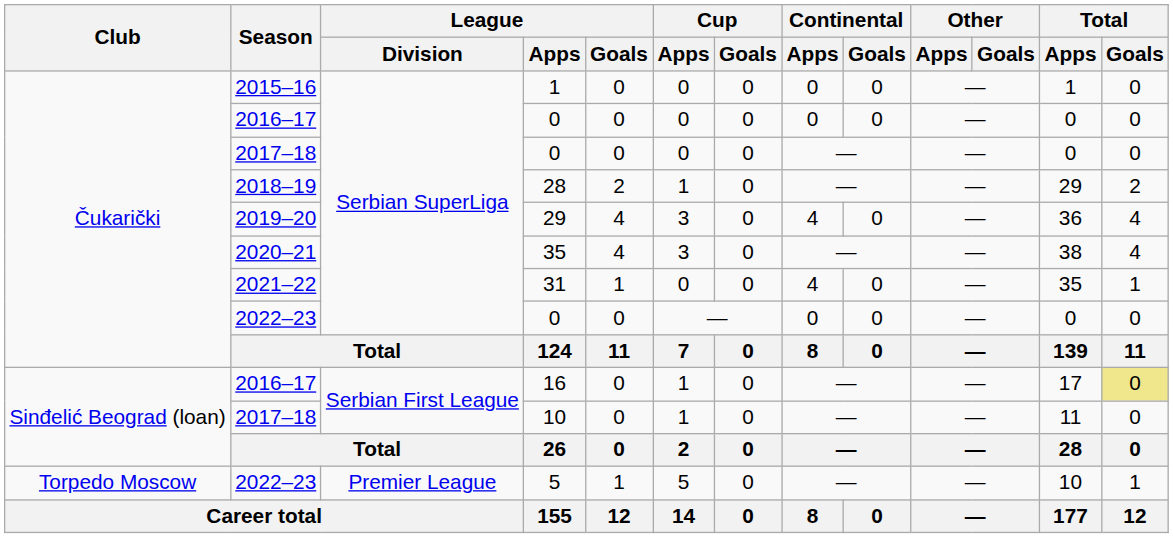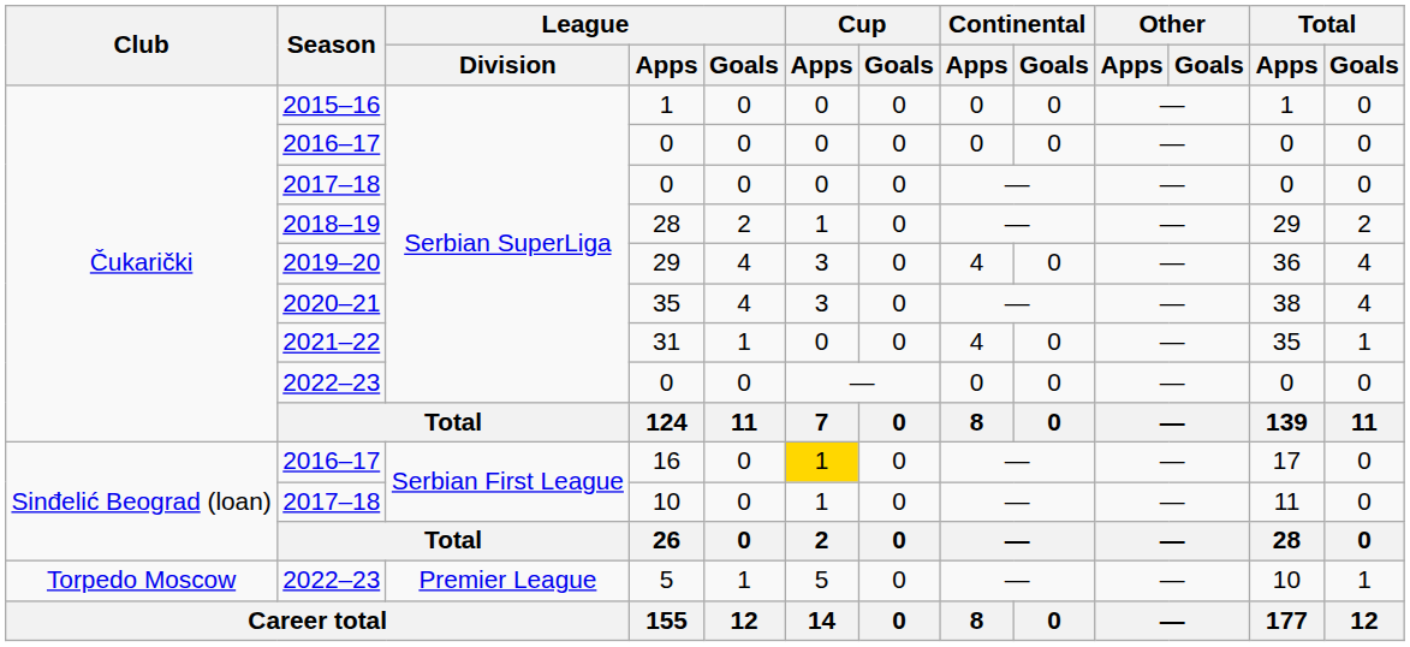 <table class="wikitable" style="text-align:center">
 <tr>
 <th rowspan="2">Club</th>
 <th rowspan="2">Season</th>
 <th colspan="3">League</th>
 <th colspan="2">Cup</th>
 <th colspan="2">Continental</th>
 <th colspan="2">Other</th>
 <th colspan="2">Total</th>
 </tr>
 <tr>
 <th>Division</th>
 <th>Apps</th>
 <th>Goals</th>
 <th>Apps</th>
 <th>Goals</th>
 <th>Apps</th>
 <th>Goals</th>
 <th>Apps</th>
 <th>Goals</th>
 <th>Apps</th>
 <th>Goals</th>
 </tr>
 <tr>
 <td rowspan="9"><a href='#'>Čukarički</a></td>
 <td><a href='#'>2015–16</a></td>
 <td rowspan=8><a href='#'>Serbian SuperLiga</a></td>
 <td>1</td>
 <td>0</td>
 <td>0</td>
 <td>0</td>
 <td>0</td>
 <td>0</td>
 <td colspan="2">—</td>
 <td>1</td>
 <td>0</td>
 </tr>
 <tr>
 <td><a href='#'>2016–17</a></td>
 <td>0</td>
 <td>0</td>
 <td>0</td>
 <td>0</td>
 <td>0</td>
 <td>0</td>
 <td colspan="2">—</td>
 <td>0</td>
 <td>0</td>
 </tr>
 <tr>
 <td><a href='#'>2017–18</a></td>
 <td>0</td>
 <td>0</td>
 <td>0</td>
 <td>0</td>
 <td colspan="2">—</td>
 <td colspan="2">—</td>
 <td>0</td>
 <td>0</td>
 </tr>
 <tr>
 <td><a href='#'>2018–19</a></td>
 <td>28</td>
 <td>2</td>
 <td>1</td>
 <td>0</td>
 <td colspan="2">—</td>
 <td colspan="2">—</td>
 <td>29</td>
 <td>2</td>
 </tr>
 <tr>
 <td><a href='#'>2019–20</a></td>
 <td>29</td>
 <td>4</td>
 <td>3</td>
 <td>0</td>
 <td>4</td>
 <td>0</td>
 <td colspan="2">—</td>
 <td>36</td>
 <td>4</td>
 </tr>
 <tr>
 <td><a href='#'>2020–21</a></td>
 <td>35</td>
 <td>4</td>
 <td>3</td>
 <td>0</td>
 <td colspan="2">—</td>
 <td colspan="2">—</td>
 <td>38</td>
 <td>4</td>
 </tr>
 <tr>
 <td><a href='#'>2021–22</a></td>
 <td>31</td>
 <td>1</td>
 <td>0</td>
 <td>0</td>
 <td>4</td>
 <td>0</td>
 <td colspan="2">—</td>
 <td>35</td>
 <td>1</td>
 </tr>
 <tr>
 <td><a href='#'>2022–23</a></td>
 <td>0</td>
 <td>0</td>
 <td colspan="2">—</td>
 <td>0</td>
 <td>0</td>
 <td colspan="2">—</td>
 <td>0</td>
 <td>0</td>
 </tr>
 <tr>
 <th colspan="2">Total</th>
 <th>124</th>
 <th>11</th>
 <th>7</th>
 <th>0</th>
 <th>8</th>
 <th>0</th>
 <th colspan="2">—</th>
 <th>139</th>
 <th>11</th>
 </tr>
 <tr>
 <td rowspan="3"><a href='#'>Sinđelić Beograd</a> (loan)</td>
 <td><a href='#'>2016–17</a></td>
 <td rowspan=2><a href='#'>Serbian First League</a></td>
 <td>16</td>
 <td>0</td>
-<td>1</td>
+<td style="background: gold;">1</td>
 <td>0</td>
 <td colspan="2">—</td>
 <td colspan="2">—</td>
 <td>17</td>
-<td style="background: khaki;">0</td>
+<td>0</td>
 </tr>
 <tr>
 <td><a href='#'>2017–18</a></td>
 <td>10</td>
 <td>0</td>
 <td>1</td>
 <td>0</td>
 <td colspan="2">—</td>
 <td colspan="2">—</td>
 <td>11</td>
 <td>0</td>
 </tr>
 <tr>
 <th colspan="2">Total</th>
 <th>26</th>
 <th>0</th>
 <th>2</th>
 <th>0</th>
 <th colspan="2">—</th>
 <th colspan="2">—</th>
 <th>28</th>
 <th>0</th>
 </tr>
 <tr>
 <td><a href='#'>Torpedo Moscow</a></td>
 <td><a href='#'>2022–23</a></td>
 <td><a href='#'>Premier League</a></td>
 <td>5</td>
 <td>1</td>
 <td>5</td>
 <td>0</td>
 <td colspan="2">—</td>
 <td colspan="2">—</td>
 <td>10</td>
 <td>1</td>
 </tr>
 <tr>
 <th colspan="3">Career total</th>
 <th>155</th>
 <th>12</th>
 <th>14</th>
 <th>0</th>
 <th>8</th>
 <th>0</th>
 <th colspan="2">—</th>
 <th>177</th>
 <th>12</th>
 </tr>
 </table>
